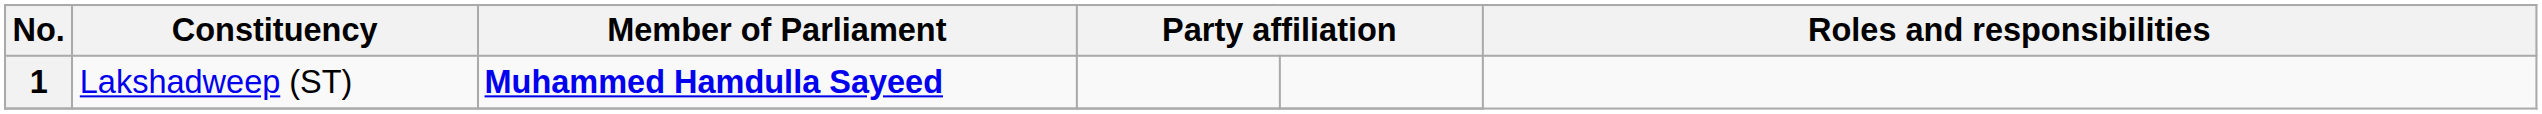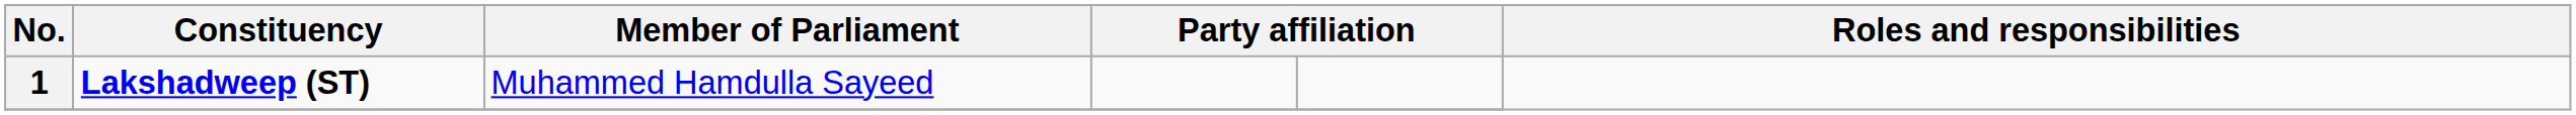 <table class="wikitable">
 <tr style="text-align:center;">
 <th>No.</th>
 <th style="width:12em">Constituency</th>
 <th style="width:18em">Member of Parliament</th>
 <th colspan="2" style="width:18em">Party affiliation</th>
 <th style="width:32em">Roles and responsibilities</th>
 </tr>
 <tr>
 <th>1</th>
-<td><a href='#'>Lakshadweep</a> (ST)</td>
-<td><strong><a href='#'>Muhammed Hamdulla Sayeed</a></strong></td>
+<td><strong><a href='#'>Lakshadweep</a> (ST)</strong></td>
+<td><a href='#'>Muhammed Hamdulla Sayeed</a></td>
 <td></td>
 <td></td>
 </tr>
 <tr>
 </tr>
 </table>
